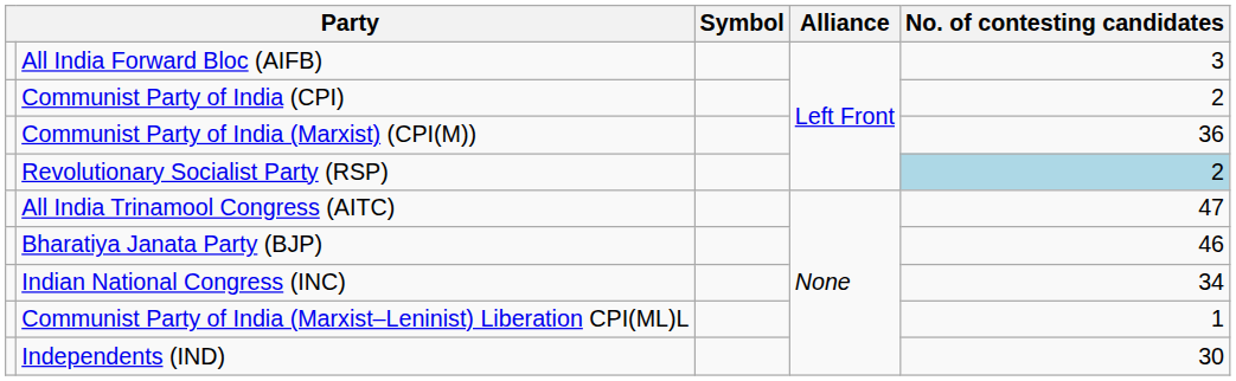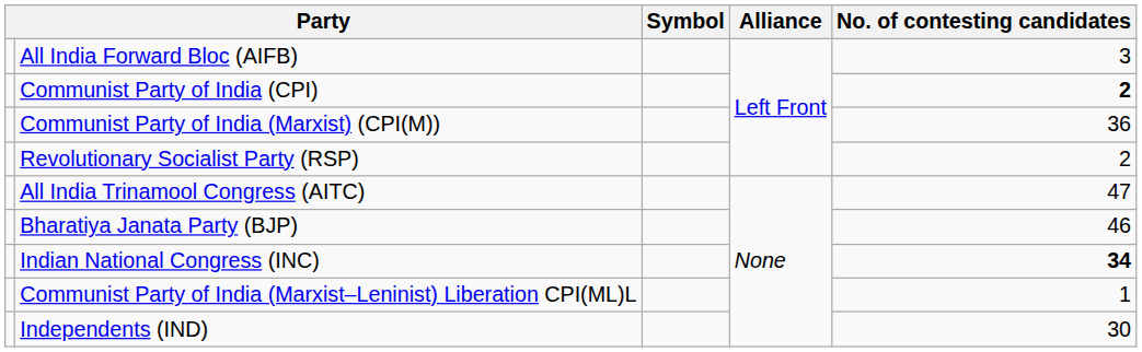 <table class="wikitable">
 <tr>
 <th colspan="2">Party</th>
 <th>Symbol</th>
 <th>Alliance</th>
 <th>No. of contesting candidates</th>
 </tr>
 <tr>
 <td></td>
 <td><a href='#'>All India Forward Bloc</a> (AIFB)</td>
 <td></td>
 <td rowspan="4"><a href='#'>Left Front</a></td>
 <td style="text-align:right">3</td>
 </tr>
 <tr>
 <td></td>
 <td><a href='#'>Communist Party of India</a> (CPI)</td>
 <td></td>
-<td style="text-align:right">2</td>
+<td style="text-align:right"><strong>2</strong></td>
 </tr>
 <tr>
 <td></td>
 <td><a href='#'>Communist Party of India (Marxist)</a> (CPI(M))</td>
 <td></td>
 <td style="text-align:right">36</td>
 </tr>
 <tr>
 <td></td>
 <td><a href='#'>Revolutionary Socialist Party</a> (RSP)</td>
 <td></td>
-<td style="background: lightblue; text-align:right">2</td>
+<td style="text-align:right">2</td>
 </tr>
 <tr>
 <td></td>
 <td><a href='#'>All India Trinamool Congress</a> (AITC)</td>
 <td></td>
 <td rowspan="5"><em>None</em></td>
 <td style="text-align:right">47</td>
 </tr>
 <tr>
 <td></td>
 <td><a href='#'>Bharatiya Janata Party</a> (BJP)</td>
 <td></td>
 <td style="text-align:right">46</td>
 </tr>
 <tr>
 <td></td>
 <td><a href='#'>Indian National Congress</a> (INC)</td>
 <td></td>
-<td style="text-align:right">34</td>
+<td style="text-align:right"><strong>34</strong></td>
 </tr>
 <tr>
 <td></td>
 <td><a href='#'>Communist Party of India (Marxist–Leninist) Liberation</a> CPI(ML)L</td>
 <td></td>
 <td style="text-align:right">1</td>
 </tr>
 <tr>
 <td></td>
 <td><a href='#'>Independents</a> (IND)</td>
 <td></td>
 <td style="text-align:right">30</td>
 </tr>
 </table>
